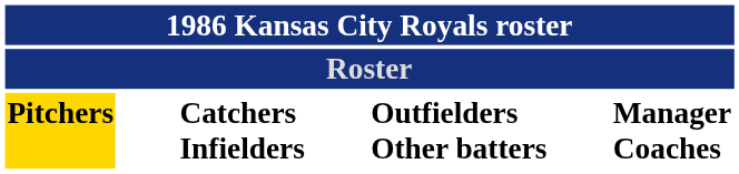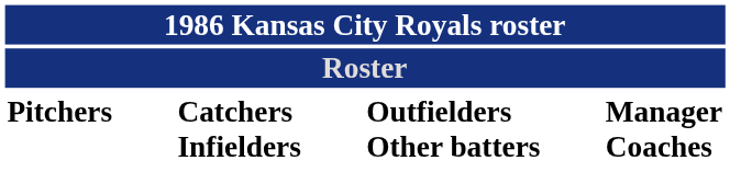 <table class="toccolours" style="font-size: 95%;">
 <tr>
 <th colspan="10" style="background-color: #15317E; color: #FFFFFF; text-align: center;">1986 Kansas City Royals roster</th>
 </tr>
 <tr>
 <td colspan="10" style="background-color: #15317E; color: #DFDCDA; text-align: center;"><strong>Roster</strong></td>
 </tr>
 <tr>
-<td valign="top" style="background: gold;"><strong>Pitchers</strong><br>            </td>
+<td valign="top"><strong>Pitchers</strong><br>            </td>
 <td width="25px"></td>
 <td valign="top"><strong>Catchers</strong><br>   <strong>Infielders</strong>         </td>
 <td width="25px"></td>
 <td valign="top"><strong>Outfielders</strong><br>         <strong>Other batters</strong>  </td>
 <td width="25px"></td>
 <td valign="top"><strong>Manager</strong><br>  <strong>Coaches</strong>     </td>
 </tr>
 <tr>
 </tr>
 </table>
